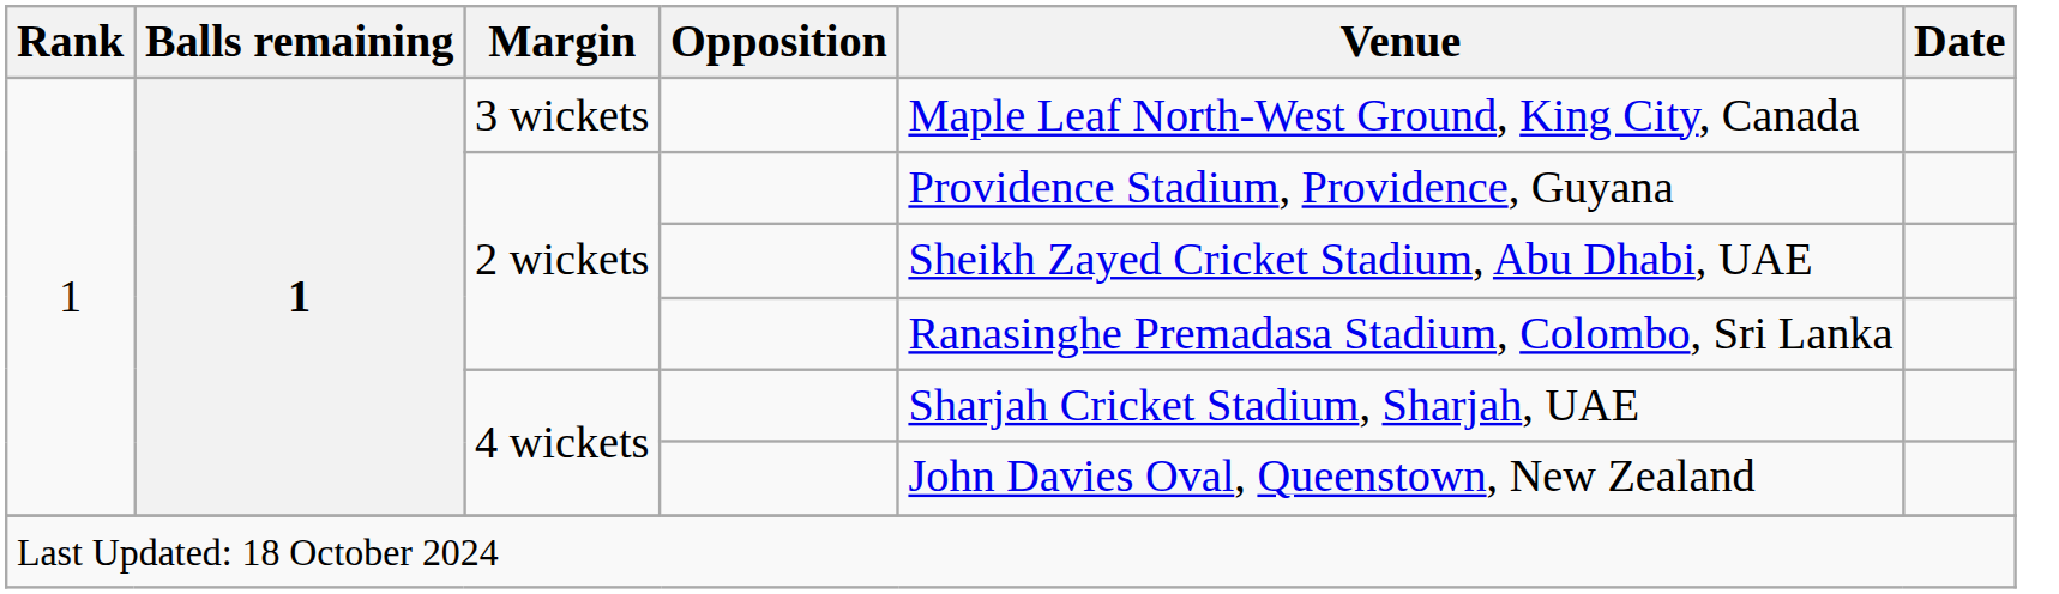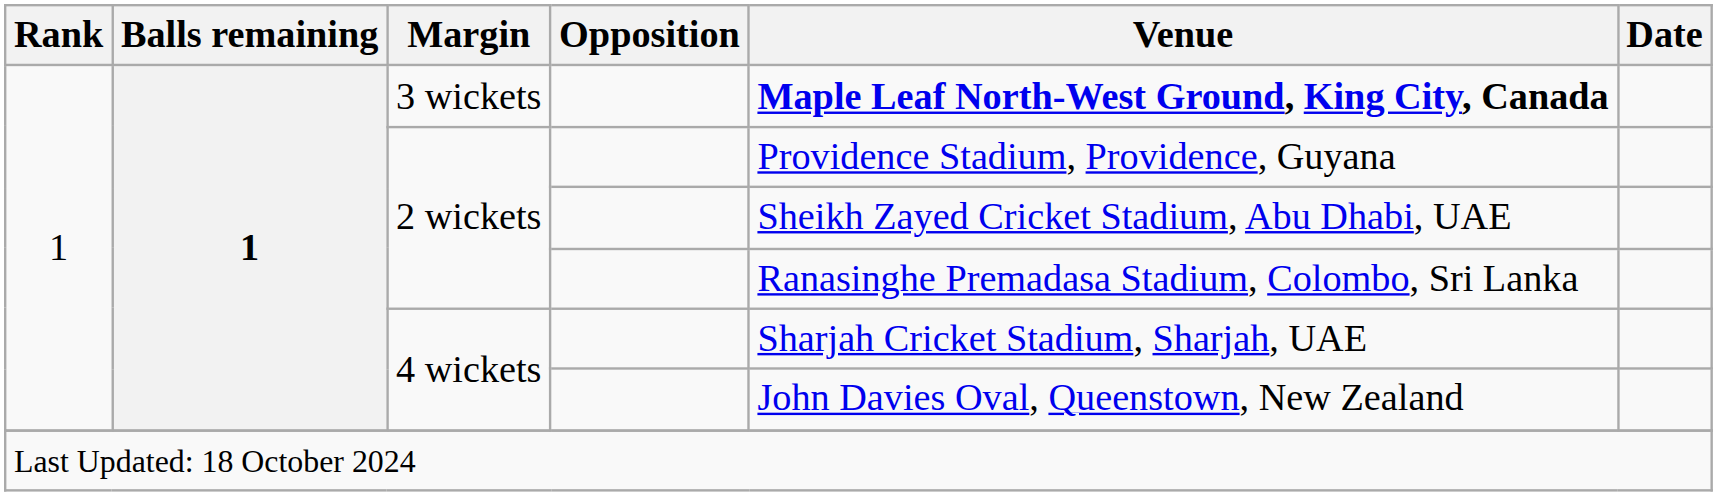 <table class="wikitable plainrowheaders sortable">
 <tr>
 <th scope=col>Rank</th>
 <th scope=col>Balls remaining</th>
 <th scope=col>Margin</th>
 <th scope=col>Opposition</th>
 <th scope=col>Venue</th>
 <th scope=col>Date</th>
 </tr>
 <tr>
 <td align=center rowspan=6>1</td>
 <th scope=row style=text-align:center rowspan=6>1</th>
 <td scope=row style=text-align:center;>3 wickets</td>
 <td></td>
-<td><a href='#'>Maple Leaf North-West Ground</a>, <a href='#'>King City</a>, Canada</td>
+<td><strong><a href='#'>Maple Leaf North-West Ground</a>, <a href='#'>King City</a>, Canada</strong></td>
 <td></td>
 </tr>
 <tr>
 <td scope=row style=text-align:center; rowspan=3>2 wickets</td>
 <td></td>
 <td><a href='#'>Providence Stadium</a>, <a href='#'>Providence</a>, Guyana</td>
 <td> </td>
 </tr>
 <tr>
 <td></td>
 <td><a href='#'>Sheikh Zayed Cricket Stadium</a>, <a href='#'>Abu Dhabi</a>, UAE</td>
 <td></td>
 </tr>
 <tr>
 <td></td>
 <td><a href='#'>Ranasinghe Premadasa Stadium</a>, <a href='#'>Colombo</a>, Sri Lanka</td>
 <td></td>
 </tr>
 <tr>
 <td scope=row style=text-align:center; rowspan=2>4 wickets</td>
 <td></td>
 <td><a href='#'>Sharjah Cricket Stadium</a>, <a href='#'>Sharjah</a>, UAE</td>
 <td> </td>
 </tr>
 <tr>
 <td></td>
 <td><a href='#'>John Davies Oval</a>, <a href='#'>Queenstown</a>, New Zealand</td>
 <td></td>
 </tr>
 <tr>
 </tr>
 <tr class=sortbottom>
 <td colspan=6><small>Last Updated: 18 October 2024</small></td>
 </tr>
 </table>
